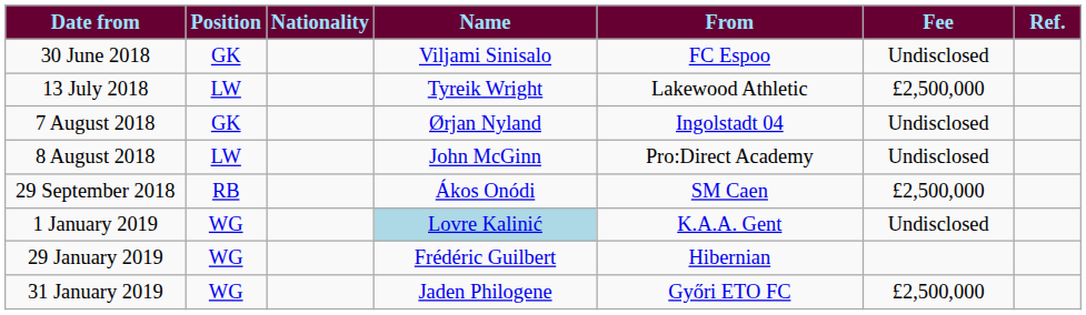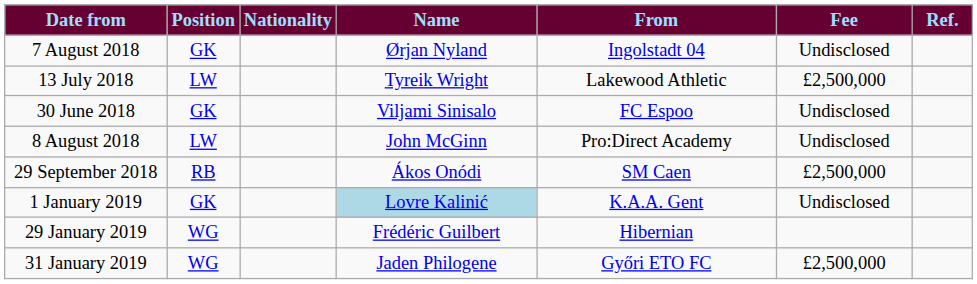 <table class="wikitable"  style="text-align:center; font-size:90%; ">
 <tr>
 <th style="background:#660033; color:#9be1ff; width:120px;">Date from</th>
 <th style="background:#660033; color:#9be1ff; width:50px;">Position</th>
 <th style="background:#660033; color:#9be1ff; width:50px;">Nationality</th>
 <th style="background:#660033; color:#9be1ff; width:150px;">Name</th>
 <th style="background:#660033; color:#9be1ff; width:180px;">From</th>
 <th style="background:#660033; color:#9be1ff; width:100px;">Fee</th>
 <th style="background:#660033; color:#9be1ff; width:40px;">Ref.</th>
 </tr>
 <tr>
-<td>30 June 2018</td>
+<td>7 August 2018</td>
 <td><a href='#'>GK</a></td>
 <td></td>
-<td><a href='#'>Viljami Sinisalo</a></td>
-<td> <a href='#'>FC Espoo</a></td>
+<td><a href='#'>Ørjan Nyland</a></td>
+<td> <a href='#'>Ingolstadt 04</a></td>
 <td>Undisclosed</td>
 <td></td>
 </tr>
 <tr>
 <td>13 July 2018</td>
 <td><a href='#'>LW</a></td>
 <td></td>
 <td><a href='#'>Tyreik Wright</a></td>
 <td> Lakewood Athletic</td>
 <td>£2,500,000</td>
 <td></td>
 </tr>
 <tr>
-<td>7 August 2018</td>
+<td>30 June 2018</td>
 <td><a href='#'>GK</a></td>
 <td></td>
-<td><a href='#'>Ørjan Nyland</a></td>
-<td> <a href='#'>Ingolstadt 04</a></td>
+<td><a href='#'>Viljami Sinisalo</a></td>
+<td> <a href='#'>FC Espoo</a></td>
 <td>Undisclosed</td>
 <td></td>
 </tr>
 <tr>
 <td>8 August 2018</td>
 <td><a href='#'>LW</a></td>
 <td></td>
 <td><a href='#'>John McGinn</a></td>
 <td>Pro:Direct Academy</td>
 <td>Undisclosed</td>
 <td></td>
 </tr>
 <tr>
 <td>29 September 2018</td>
 <td><a href='#'>RB</a></td>
 <td></td>
 <td><a href='#'>Ákos Onódi</a></td>
 <td> <a href='#'>SM Caen</a></td>
 <td>£2,500,000</td>
 <td></td>
 </tr>
 <tr>
 <td>1 January 2019</td>
-<td><a href='#'>WG</a></td>
+<td><a href='#'>GK</a></td>
 <td></td>
 <td style="background: lightblue;"><a href='#'>Lovre Kalinić</a></td>
 <td> <a href='#'>K.A.A. Gent</a></td>
 <td>Undisclosed</td>
 <td></td>
 </tr>
 <tr>
 <td>29 January 2019</td>
 <td><a href='#'>WG</a></td>
 <td></td>
 <td><a href='#'>Frédéric Guilbert</a></td>
 <td> <a href='#'>Hibernian</a></td>
 <td></td>
 <td></td>
 </tr>
 <tr>
 <td>31 January 2019</td>
 <td><a href='#'>WG</a></td>
 <td></td>
 <td><a href='#'>Jaden Philogene</a></td>
 <td> <a href='#'>Győri ETO FC</a></td>
 <td>£2,500,000</td>
 <td></td>
 </tr>
 </table>
